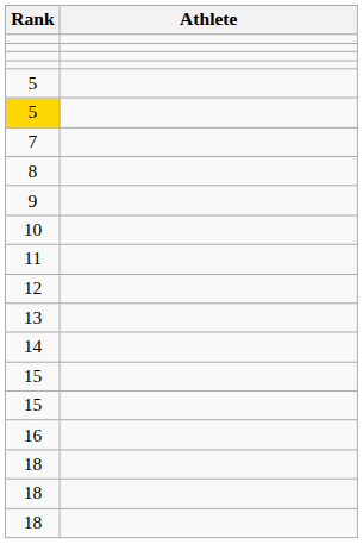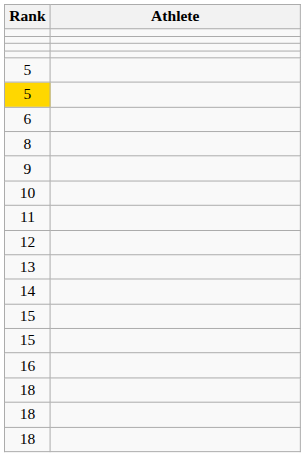 <table class="wikitable" style="text-align: center;">
 <tr>
 <th width=40>Rank</th>
 <th width=250>Athlete</th>
 </tr>
 <tr>
 <td></td>
 <td align="left"></td>
 </tr>
 <tr>
 <td></td>
 <td align="left"></td>
 </tr>
 <tr>
 <td></td>
 <td align="left"></td>
 </tr>
 <tr>
 <td></td>
 <td align="left"></td>
 </tr>
 <tr>
 <td>5</td>
 <td align="left"></td>
 </tr>
 <tr>
 <td style="background: gold;">5</td>
 <td align="left"></td>
 </tr>
 <tr>
-<td>7</td>
+<td>6</td>
 <td align="left"></td>
 </tr>
 <tr>
 <td>8</td>
 <td align="left"></td>
 </tr>
 <tr>
 <td>9</td>
 <td align="left"></td>
 </tr>
 <tr>
 <td>10</td>
 <td align="left"></td>
 </tr>
 <tr>
 <td>11</td>
 <td align="left"></td>
 </tr>
 <tr>
 <td>12</td>
 <td align="left"></td>
 </tr>
 <tr>
 <td>13</td>
 <td align="left"></td>
 </tr>
 <tr>
 <td>14</td>
 <td align="left"></td>
 </tr>
 <tr>
 <td>15</td>
 <td align="left"></td>
 </tr>
 <tr>
 <td>15</td>
 <td align="left"></td>
 </tr>
 <tr>
 <td>16</td>
 <td align="left"></td>
 </tr>
 <tr>
 <td>18</td>
 <td align="left"></td>
 </tr>
 <tr>
 <td>18</td>
 <td align="left"></td>
 </tr>
 <tr>
 <td>18</td>
 <td align="left"></td>
 </tr>
 </table>
